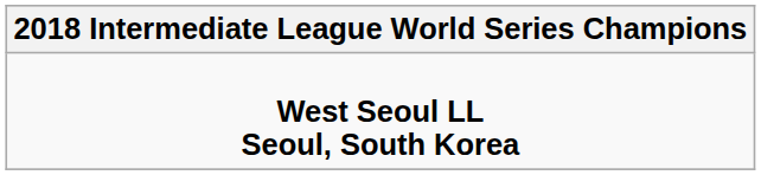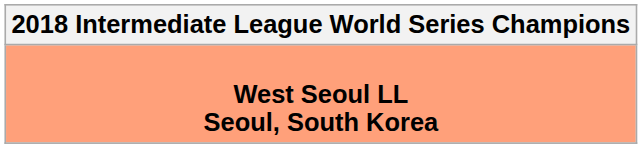 <table class="wikitable" style="text-align: center; margin: 0 auto;">
 <tr>
 <th>2018 Intermediate League World Series Champions</th>
 </tr>
 <tr>
-<td><br><strong>West Seoul LL</strong><br><strong>Seoul, South Korea</strong></td>
+<td style="background: lightsalmon;"><br><strong>West Seoul LL</strong><br><strong>Seoul, South Korea</strong></td>
 </tr>
 </table>
